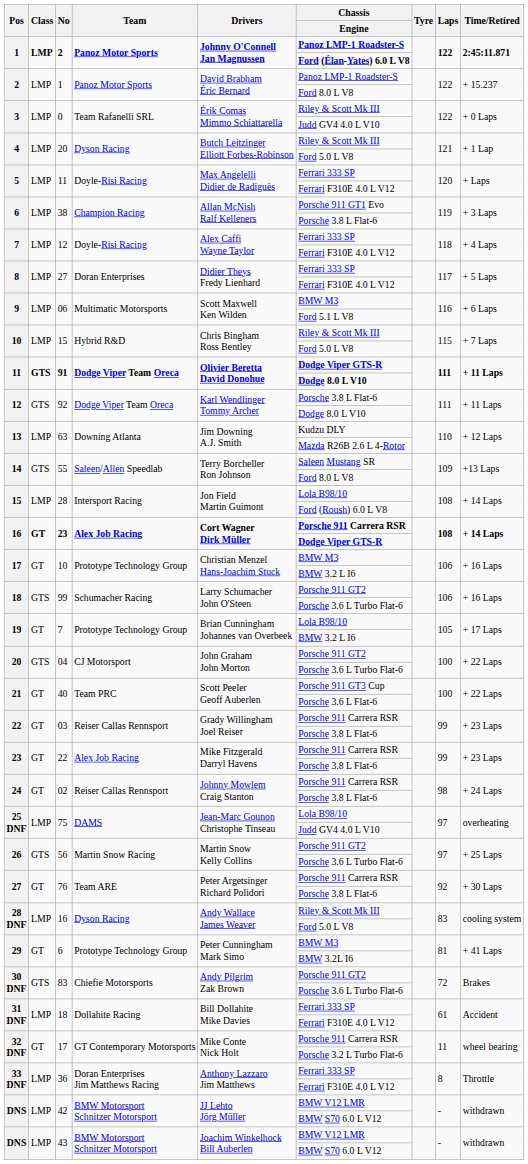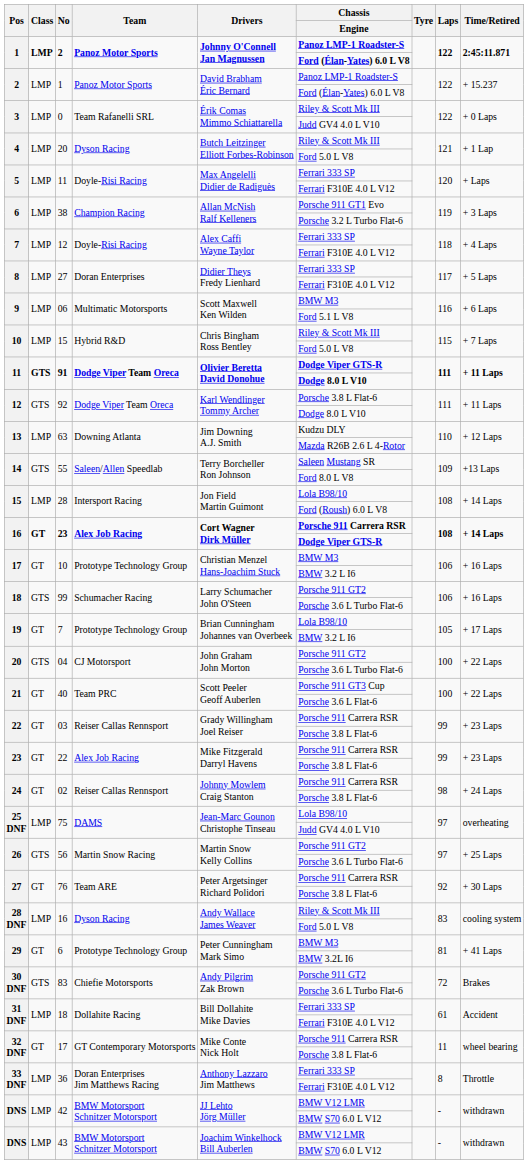 <table class="wikitable" style="font-size: 95%;">
 <tr>
 <th rowspan=2>Pos</th>
 <th rowspan=2>Class</th>
 <th rowspan=2>No</th>
 <th rowspan=2>Team</th>
 <th rowspan=2>Drivers</th>
 <th>Chassis</th>
 <th rowspan=2>Tyre</th>
 <th rowspan=2>Laps</th>
 <th rowspan="2">Time/Retired</th>
 </tr>
 <tr>
 <th>Engine</th>
 </tr>
 <tr style="font-weight:bold">
 <th rowspan=2>1</th>
 <td rowspan=2>LMP</td>
 <td rowspan=2>2</td>
 <td rowspan=2> <a href='#'>Panoz Motor Sports</a></td>
 <td rowspan=2> <a href='#'>Johnny O'Connell</a><br> <a href='#'>Jan Magnussen</a></td>
 <td><a href='#'>Panoz LMP-1 Roadster-S</a></td>
 <td rowspan=2></td>
 <td rowspan=2>122</td>
 <td rowspan="2">2:45:11.871</td>
 </tr>
 <tr style="font-weight:bold">
 <td><a href='#'>Ford</a> (<a href='#'>Élan</a>-<a href='#'>Yates</a>) 6.0 L V8</td>
 </tr>
 <tr>
 <th rowspan=2>2</th>
 <td rowspan=2>LMP</td>
 <td rowspan=2>1</td>
 <td rowspan=2> <a href='#'>Panoz Motor Sports</a></td>
 <td rowspan=2> <a href='#'>David Brabham</a><br> <a href='#'>Éric Bernard</a></td>
 <td><a href='#'>Panoz LMP-1 Roadster-S</a></td>
 <td rowspan=2></td>
 <td rowspan=2>122</td>
 <td rowspan="2">+ 15.237</td>
 </tr>
 <tr>
-<td><a href='#'>Ford</a> 8.0 L V8</td>
+<td><a href='#'>Ford</a> (<a href='#'>Élan</a>-<a href='#'>Yates</a>) 6.0 L V8</td>
 </tr>
 <tr>
 <th rowspan=2>3</th>
 <td rowspan=2>LMP</td>
 <td rowspan=2>0</td>
 <td rowspan=2> Team Rafanelli SRL</td>
 <td rowspan=2> <a href='#'>Érik Comas</a><br> <a href='#'>Mimmo Schiattarella</a></td>
 <td><a href='#'>Riley & Scott Mk III</a></td>
 <td rowspan=2></td>
 <td rowspan=2>122</td>
 <td rowspan="2">+ 0 Laps</td>
 </tr>
 <tr>
 <td><a href='#'>Judd</a> GV4 4.0 L V10</td>
 </tr>
 <tr>
 <th rowspan=2>4</th>
 <td rowspan=2>LMP</td>
 <td rowspan=2>20</td>
 <td rowspan=2> <a href='#'>Dyson Racing</a></td>
 <td rowspan=2> <a href='#'>Butch Leitzinger</a><br> <a href='#'>Elliott Forbes-Robinson</a></td>
 <td><a href='#'>Riley & Scott Mk III</a></td>
 <td rowspan=2></td>
 <td rowspan=2>121</td>
 <td rowspan="2">+ 1 Lap</td>
 </tr>
 <tr>
 <td><a href='#'>Ford</a> 5.0 L V8</td>
 </tr>
 <tr>
 <th rowspan=2>5</th>
 <td rowspan=2>LMP</td>
 <td rowspan=2>11</td>
 <td rowspan=2> Doyle-<a href='#'>Risi Racing</a></td>
 <td rowspan=2> <a href='#'>Max Angelelli</a><br> <a href='#'>Didier de Radiguès</a></td>
 <td><a href='#'>Ferrari 333 SP</a></td>
 <td rowspan=2></td>
 <td rowspan=2>120</td>
 <td rowspan="2">+ Laps</td>
 </tr>
 <tr>
 <td><a href='#'>Ferrari</a> F310E 4.0 L V12</td>
 </tr>
 <tr>
 <th rowspan=2>6</th>
 <td rowspan=2>LMP</td>
 <td rowspan=2>38</td>
 <td rowspan=2> <a href='#'>Champion Racing</a></td>
 <td rowspan=2> <a href='#'>Allan McNish</a><br> <a href='#'>Ralf Kelleners</a></td>
 <td><a href='#'>Porsche 911 GT1</a> Evo</td>
 <td rowspan=2></td>
 <td rowspan=2>119</td>
 <td rowspan="2">+ 3 Laps</td>
 </tr>
 <tr>
-<td><a href='#'>Porsche</a> 3.8 L Flat-6</td>
+<td><a href='#'>Porsche</a> 3.2 L Turbo Flat-6</td>
 </tr>
 <tr>
 <th rowspan=2>7</th>
 <td rowspan=2>LMP</td>
 <td rowspan=2>12</td>
 <td rowspan=2> Doyle-<a href='#'>Risi Racing</a></td>
 <td rowspan=2> <a href='#'>Alex Caffi</a><br> <a href='#'>Wayne Taylor</a></td>
 <td><a href='#'>Ferrari 333 SP</a></td>
 <td rowspan=2></td>
 <td rowspan=2>118</td>
 <td rowspan="2">+ 4 Laps</td>
 </tr>
 <tr>
 <td><a href='#'>Ferrari</a> F310E 4.0 L V12</td>
 </tr>
 <tr>
 <th rowspan=2>8</th>
 <td rowspan=2>LMP</td>
 <td rowspan=2>27</td>
 <td rowspan=2> Doran Enterprises</td>
 <td rowspan=2> <a href='#'>Didier Theys</a><br> Fredy Lienhard</td>
 <td><a href='#'>Ferrari 333 SP</a></td>
 <td rowspan=2></td>
 <td rowspan=2>117</td>
 <td rowspan="2">+ 5 Laps</td>
 </tr>
 <tr>
 <td><a href='#'>Ferrari</a> F310E 4.0 L V12</td>
 </tr>
 <tr>
 <th rowspan=2>9</th>
 <td rowspan=2>LMP</td>
 <td rowspan=2>06</td>
 <td rowspan=2> Multimatic Motorsports</td>
 <td rowspan=2> Scott Maxwell<br> Ken Wilden</td>
 <td><a href='#'>BMW M3</a></td>
 <td rowspan=2></td>
 <td rowspan=2>116</td>
 <td rowspan="2">+ 6 Laps</td>
 </tr>
 <tr>
 <td><a href='#'>Ford</a> 5.1 L V8</td>
 </tr>
 <tr>
 <th rowspan=2>10</th>
 <td rowspan=2>LMP</td>
 <td rowspan=2>15</td>
 <td rowspan=2> Hybrid R&D</td>
 <td rowspan=2> Chris Bingham<br> Ross Bentley</td>
 <td><a href='#'>Riley & Scott Mk III</a></td>
 <td rowspan=2></td>
 <td rowspan=2>115</td>
 <td rowspan="2">+ 7 Laps</td>
 </tr>
 <tr>
 <td><a href='#'>Ford</a> 5.0 L V8</td>
 </tr>
 <tr style="font-weight:bold">
 <th rowspan=2>11</th>
 <td rowspan=2>GTS</td>
 <td rowspan=2>91</td>
 <td rowspan=2> <a href='#'>Dodge Viper</a> Team <a href='#'>Oreca</a></td>
 <td rowspan=2> <a href='#'>Olivier Beretta</a><br> <a href='#'>David Donohue</a></td>
 <td><a href='#'>Dodge Viper GTS-R</a></td>
 <td rowspan=2></td>
 <td rowspan=2>111</td>
 <td rowspan="2">+ 11 Laps</td>
 </tr>
 <tr style="font-weight:bold">
 <td><a href='#'>Dodge</a> 8.0 L V10</td>
 </tr>
 <tr>
 <th rowspan=2>12</th>
 <td rowspan=2>GTS</td>
 <td rowspan=2>92</td>
 <td rowspan=2> <a href='#'>Dodge Viper</a> Team <a href='#'>Oreca</a></td>
 <td rowspan=2> <a href='#'>Karl Wendlinger</a><br> <a href='#'>Tommy Archer</a></td>
 <td><a href='#'>Porsche</a> 3.8 L Flat-6</td>
 <td rowspan=2></td>
 <td rowspan=2>111</td>
 <td rowspan="2">+ 11 Laps</td>
 </tr>
 <tr>
 <td><a href='#'>Dodge</a> 8.0 L V10</td>
 </tr>
 <tr>
 <th rowspan=2>13</th>
 <td rowspan=2>LMP</td>
 <td rowspan=2>63</td>
 <td rowspan=2> Downing Atlanta</td>
 <td rowspan=2> Jim Downing<br> A.J. Smith</td>
 <td>Kudzu DLY</td>
 <td rowspan=2></td>
 <td rowspan=2>110</td>
 <td rowspan="2">+ 12 Laps</td>
 </tr>
 <tr>
 <td><a href='#'>Mazda</a> R26B 2.6 L 4-<a href='#'>Rotor</a></td>
 </tr>
 <tr>
 <th rowspan=2>14</th>
 <td rowspan=2>GTS</td>
 <td rowspan=2>55</td>
 <td rowspan=2> <a href='#'>Saleen</a>/<a href='#'>Allen</a> Speedlab</td>
 <td rowspan=2> Terry Borcheller<br> Ron Johnson</td>
 <td><a href='#'>Saleen</a> <a href='#'>Mustang</a> SR</td>
 <td rowspan=2></td>
 <td rowspan=2>109</td>
 <td rowspan="2">+13 Laps</td>
 </tr>
 <tr>
 <td><a href='#'>Ford</a> 8.0 L V8</td>
 </tr>
 <tr>
 <th rowspan=2>15</th>
 <td rowspan=2>LMP</td>
 <td rowspan=2>28</td>
 <td rowspan=2> Intersport Racing</td>
 <td rowspan=2> Jon Field<br> Martin Guimont</td>
 <td><a href='#'>Lola B98/10</a></td>
 <td rowspan=2></td>
 <td rowspan=2>108</td>
 <td rowspan="2">+ 14 Laps</td>
 </tr>
 <tr>
 <td><a href='#'>Ford</a> (<a href='#'>Roush</a>) 6.0 L V8</td>
 </tr>
 <tr style="font-weight:bold">
 <th rowspan=2>16</th>
 <td rowspan=2>GT</td>
 <td rowspan=2>23</td>
 <td rowspan=2> <a href='#'>Alex Job Racing</a></td>
 <td rowspan=2> Cort Wagner<br> <a href='#'>Dirk Müller</a></td>
 <td><a href='#'>Porsche 911</a> Carrera RSR</td>
 <td rowspan=2></td>
 <td rowspan=2>108</td>
 <td rowspan="2">+ 14 Laps</td>
 </tr>
 <tr style="font-weight:bold">
 <td><a href='#'>Dodge Viper GTS-R</a></td>
 </tr>
 <tr>
 <th rowspan=2>17</th>
 <td rowspan=2>GT</td>
 <td rowspan=2>10</td>
 <td rowspan=2> Prototype Technology Group</td>
 <td rowspan=2> Christian Menzel<br> <a href='#'>Hans-Joachim Stuck</a></td>
 <td><a href='#'>BMW M3</a></td>
 <td rowspan=2></td>
 <td rowspan=2>106</td>
 <td rowspan="2">+ 16 Laps</td>
 </tr>
 <tr>
 <td><a href='#'>BMW</a> 3.2 L I6</td>
 </tr>
 <tr>
 <th rowspan=2>18</th>
 <td rowspan=2>GTS</td>
 <td rowspan=2>99</td>
 <td rowspan=2> Schumacher Racing</td>
 <td rowspan=2> Larry Schumacher<br> John O'Steen</td>
 <td><a href='#'>Porsche 911 GT2</a></td>
 <td rowspan=2></td>
 <td rowspan=2>106</td>
 <td rowspan="2">+ 16 Laps</td>
 </tr>
 <tr>
 <td><a href='#'>Porsche</a> 3.6 L Turbo Flat-6</td>
 </tr>
 <tr>
 <th rowspan=2>19</th>
 <td rowspan=2>GT</td>
 <td rowspan=2>7</td>
 <td rowspan=2> Prototype Technology Group</td>
 <td rowspan=2> Brian Cunningham<br> Johannes van Overbeek</td>
 <td><a href='#'>Lola B98/10</a></td>
 <td rowspan=2></td>
 <td rowspan=2>105</td>
 <td rowspan="2">+ 17 Laps</td>
 </tr>
 <tr>
 <td><a href='#'>BMW</a> 3.2 L I6</td>
 </tr>
 <tr>
 <th rowspan=2>20</th>
 <td rowspan=2>GTS</td>
 <td rowspan=2>04</td>
 <td rowspan=2> CJ Motorsport</td>
 <td rowspan=2> John Graham<br> John Morton</td>
 <td><a href='#'>Porsche 911 GT2</a></td>
 <td rowspan=2></td>
 <td rowspan=2>100</td>
 <td rowspan="2">+ 22 Laps</td>
 </tr>
 <tr>
 <td><a href='#'>Porsche</a> 3.6 L Turbo Flat-6</td>
 </tr>
 <tr>
 <th rowspan=2>21</th>
 <td rowspan=2>GT</td>
 <td rowspan=2>40</td>
 <td rowspan=2> Team PRC</td>
 <td rowspan=2> Scott Peeler<br> Geoff Auberlen</td>
 <td><a href='#'>Porsche 911 GT3</a> Cup</td>
 <td rowspan=2></td>
 <td rowspan=2>100</td>
 <td rowspan="2">+ 22 Laps</td>
 </tr>
 <tr>
 <td><a href='#'>Porsche</a> 3.6 L Flat-6</td>
 </tr>
 <tr>
 <th rowspan=2>22</th>
 <td rowspan=2>GT</td>
 <td rowspan=2>03</td>
 <td rowspan=2> Reiser Callas Rennsport</td>
 <td rowspan=2> Grady Willingham<br> Joel Reiser</td>
 <td><a href='#'>Porsche 911</a> Carrera RSR</td>
 <td rowspan=2></td>
 <td rowspan=2>99</td>
 <td rowspan="2">+ 23 Laps</td>
 </tr>
 <tr>
 <td><a href='#'>Porsche</a> 3.8 L Flat-6</td>
 </tr>
 <tr>
 <th rowspan=2>23</th>
 <td rowspan=2>GT</td>
 <td rowspan=2>22</td>
 <td rowspan=2> <a href='#'>Alex Job Racing</a></td>
 <td rowspan=2> Mike Fitzgerald<br> Darryl Havens</td>
 <td><a href='#'>Porsche 911</a> Carrera RSR</td>
 <td rowspan=2></td>
 <td rowspan=2>99</td>
 <td rowspan="2">+ 23 Laps</td>
 </tr>
 <tr>
 <td><a href='#'>Porsche</a> 3.8 L Flat-6</td>
 </tr>
 <tr>
 <th rowspan=2>24</th>
 <td rowspan=2>GT</td>
 <td rowspan=2>02</td>
 <td rowspan=2> Reiser Callas Rennsport</td>
 <td rowspan=2> <a href='#'>Johnny Mowlem</a><br> Craig Stanton</td>
 <td><a href='#'>Porsche 911</a> Carrera RSR</td>
 <td rowspan=2></td>
 <td rowspan=2>98</td>
 <td rowspan="2">+ 24 Laps</td>
 </tr>
 <tr>
 <td><a href='#'>Porsche</a> 3.8 L Flat-6</td>
 </tr>
 <tr>
 <th rowspan=2>25<br>DNF</th>
 <td rowspan=2>LMP</td>
 <td rowspan=2>75</td>
 <td rowspan=2> <a href='#'>DAMS</a></td>
 <td rowspan=2> <a href='#'>Jean-Marc Gounon</a><br> Christophe Tinseau</td>
 <td><a href='#'>Lola B98/10</a></td>
 <td rowspan=2></td>
 <td rowspan=2>97</td>
 <td rowspan="2">overheating</td>
 </tr>
 <tr>
 <td><a href='#'>Judd</a> GV4 4.0 L V10</td>
 </tr>
 <tr>
 <th rowspan=2>26</th>
 <td rowspan=2>GTS</td>
 <td rowspan=2>56</td>
 <td rowspan=2> Martin Snow Racing</td>
 <td rowspan=2> Martin Snow<br> Kelly Collins</td>
 <td><a href='#'>Porsche 911 GT2</a></td>
 <td rowspan=2></td>
 <td rowspan=2>97</td>
 <td rowspan="2">+ 25 Laps</td>
 </tr>
 <tr>
 <td><a href='#'>Porsche</a> 3.6 L Turbo Flat-6</td>
 </tr>
 <tr>
 <th rowspan=2>27</th>
 <td rowspan=2>GT</td>
 <td rowspan=2>76</td>
 <td rowspan=2> Team ARE</td>
 <td rowspan=2> Peter Argetsinger<br> Richard Polidori</td>
 <td><a href='#'>Porsche 911</a> Carrera RSR</td>
 <td rowspan=2></td>
 <td rowspan=2>92</td>
 <td rowspan="2">+ 30 Laps</td>
 </tr>
 <tr>
 <td><a href='#'>Porsche</a> 3.8 L Flat-6</td>
 </tr>
 <tr>
 <th rowspan=2>28<br>DNF</th>
 <td rowspan=2>LMP</td>
 <td rowspan=2>16</td>
 <td rowspan=2> <a href='#'>Dyson Racing</a></td>
 <td rowspan=2> <a href='#'>Andy Wallace</a><br> <a href='#'>James Weaver</a></td>
 <td><a href='#'>Riley & Scott Mk III</a></td>
 <td rowspan=2></td>
 <td rowspan=2>83</td>
 <td rowspan="2">cooling system</td>
 </tr>
 <tr>
 <td><a href='#'>Ford</a> 5.0 L V8</td>
 </tr>
 <tr>
 <th rowspan=2>29</th>
 <td rowspan=2>GT</td>
 <td rowspan=2>6</td>
 <td rowspan=2> Prototype Technology Group</td>
 <td rowspan=2> Peter Cunningham<br> Mark Simo</td>
 <td><a href='#'>BMW M3</a></td>
 <td rowspan=2></td>
 <td rowspan=2>81</td>
 <td rowspan="2">+ 41 Laps</td>
 </tr>
 <tr>
 <td><a href='#'>BMW</a> 3.2L I6</td>
 </tr>
 <tr>
 <th rowspan=2>30<br>DNF</th>
 <td rowspan=2>GTS</td>
 <td rowspan=2>83</td>
 <td rowspan=2> Chiefie Motorsports</td>
 <td rowspan=2> <a href='#'>Andy Pilgrim</a><br> Zak Brown</td>
 <td><a href='#'>Porsche 911 GT2</a></td>
 <td rowspan=2></td>
 <td rowspan=2>72</td>
 <td rowspan="2">Brakes</td>
 </tr>
 <tr>
 <td><a href='#'>Porsche</a> 3.6 L Turbo Flat-6</td>
 </tr>
 <tr>
 <th rowspan=2>31<br>DNF</th>
 <td rowspan=2>LMP</td>
 <td rowspan=2>18</td>
 <td rowspan=2> Dollahite Racing</td>
 <td rowspan=2> Bill Dollahite<br> Mike Davies</td>
 <td><a href='#'>Ferrari 333 SP</a></td>
 <td rowspan=2></td>
 <td rowspan=2>61</td>
 <td rowspan="2">Accident</td>
 </tr>
 <tr>
 <td><a href='#'>Ferrari</a> F310E 4.0 L V12</td>
 </tr>
 <tr>
 <th rowspan=2>32<br>DNF</th>
 <td rowspan=2>GT</td>
 <td rowspan=2>17</td>
 <td rowspan=2> GT Contemporary Motorsports</td>
 <td rowspan=2> Mike Conte<br> Nick Holt</td>
 <td><a href='#'>Porsche 911</a> Carrera RSR</td>
 <td rowspan=2></td>
 <td rowspan=2>11</td>
 <td rowspan="2">wheel bearing</td>
 </tr>
 <tr>
-<td><a href='#'>Porsche</a> 3.2 L Turbo Flat-6</td>
+<td><a href='#'>Porsche</a> 3.8 L Flat-6</td>
 </tr>
 <tr>
 <th rowspan=2>33<br>DNF</th>
 <td rowspan=2>LMP</td>
 <td rowspan=2>36</td>
 <td rowspan=2> Doran Enterprises<br> Jim Matthews Racing</td>
 <td rowspan=2> <a href='#'>Anthony Lazzaro</a><br> Jim Matthews</td>
 <td><a href='#'>Ferrari 333 SP</a></td>
 <td rowspan=2></td>
 <td rowspan=2>8</td>
 <td rowspan="2">Throttle</td>
 </tr>
 <tr>
 <td><a href='#'>Ferrari</a> F310E 4.0 L V12</td>
 </tr>
 <tr>
 <th rowspan=2>DNS</th>
 <td rowspan=2>LMP</td>
 <td rowspan=2>42</td>
 <td rowspan=2> <a href='#'>BMW Motorsport</a><br> <a href='#'>Schnitzer Motorsport</a></td>
 <td rowspan=2> <a href='#'>JJ Lehto</a><br> <a href='#'>Jörg Müller</a></td>
 <td><a href='#'>BMW V12 LMR</a></td>
 <td rowspan=2></td>
 <td rowspan=2>-</td>
 <td rowspan="2">withdrawn</td>
 </tr>
 <tr>
 <td><a href='#'>BMW</a> <a href='#'>S70</a> 6.0 L V12</td>
 </tr>
 <tr>
 <th rowspan=2>DNS</th>
 <td rowspan=2>LMP</td>
 <td rowspan=2>43</td>
 <td rowspan=2> <a href='#'>BMW Motorsport</a><br> <a href='#'>Schnitzer Motorsport</a></td>
 <td rowspan=2> <a href='#'>Joachim Winkelhock</a><br> <a href='#'>Bill Auberlen</a></td>
 <td><a href='#'>BMW V12 LMR</a></td>
 <td rowspan=2></td>
 <td rowspan=2>-</td>
 <td rowspan="2">withdrawn</td>
 </tr>
 <tr>
 <td><a href='#'>BMW</a> <a href='#'>S70</a> 6.0 L V12</td>
 </tr>
 </table>
